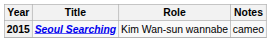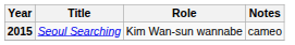 <table class="wikitable sortable plainrowheaders">
 <tr>
 <th scope="col">Year</th>
 <th scope="col">Title</th>
 <th scope="col">Role</th>
 <th scope="col" class="unsortable">Notes</th>
 </tr>
 <tr>
 <th scope="row">2015</th>
-<td><strong><em><a href='#'>Seoul Searching</a></em></strong></td>
+<td><em><a href='#'>Seoul Searching</a></em></td>
 <td>Kim Wan-sun wannabe</td>
 <td>cameo</td>
 </tr>
 <tr>
 </tr>
 </table>
